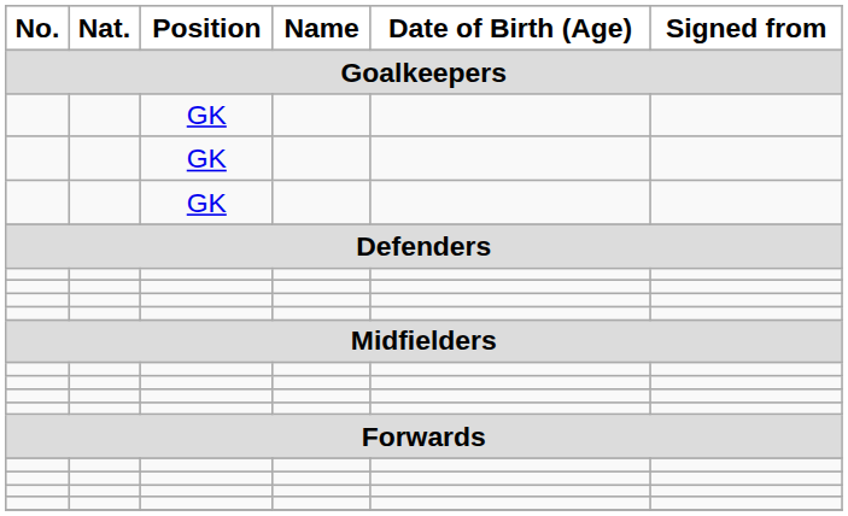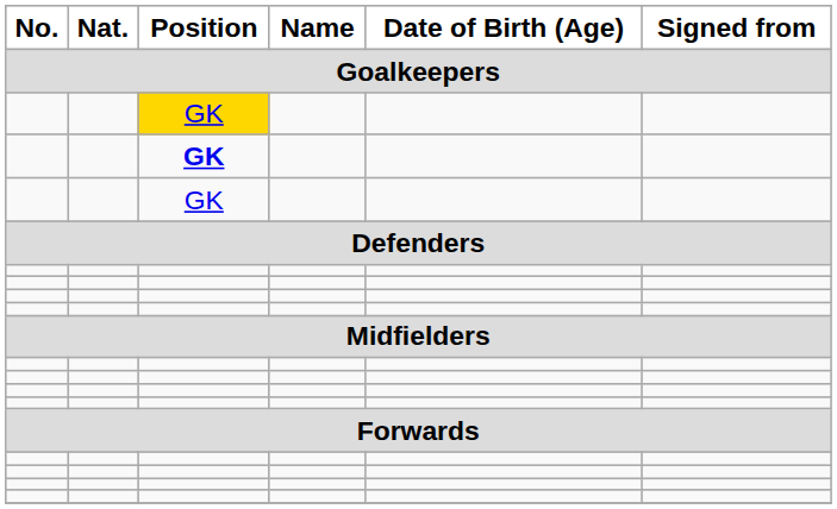 <table class="wikitable" style="text-align:center; font-size:90%; width:70%">
 <tr>
 <th style="background:white; color:black; text-align:center;">No.</th>
 <th style="background:white; color:black; text-align:center;">Nat.</th>
 <th style="background:white; color:black; text-align:center;">Position</th>
 <th style="background:white; color:black; text-align:center;">Name</th>
 <th style="background:white; color:black; text-align:center;">Date of Birth (Age)</th>
 <th style="background:white; color:black; text-align:center;">Signed from</th>
 </tr>
 <tr>
 <th colspan=10 style="background:#DCDCDC; text-align:center;">Goalkeepers</th>
 </tr>
 <tr>
 <td></td>
 <td></td>
-<td><a href='#'>GK</a></td>
+<td style="background: gold;"><a href='#'>GK</a></td>
 <td></td>
 <td></td>
 <td style="text-align:left"></td>
 </tr>
 <tr>
 <td></td>
 <td></td>
-<td><a href='#'>GK</a></td>
+<td><strong><a href='#'>GK</a></strong></td>
 <td></td>
 <td></td>
 <td style="text-align:left"></td>
 </tr>
 <tr>
 <td></td>
 <td></td>
 <td><a href='#'>GK</a></td>
 <td></td>
 <td></td>
 <td style="text-align:left"></td>
 </tr>
 <tr>
 <th colspan=10 style="background:#DCDCDC; text-align:center;">Defenders</th>
 </tr>
 <tr>
 <td></td>
 <td></td>
 <td></td>
 <td></td>
 <td></td>
 <td style="text-align:left"></td>
 </tr>
 <tr>
 <td></td>
 <td></td>
 <td></td>
 <td></td>
 <td></td>
 <td style="text-align:left"></td>
 </tr>
 <tr>
 <td></td>
 <td></td>
 <td></td>
 <td></td>
 <td></td>
 <td style="text-align:left"></td>
 </tr>
 <tr>
 <td></td>
 <td></td>
 <td></td>
 <td></td>
 <td></td>
 <td style="text-align:left"></td>
 </tr>
 <tr>
 <th colspan=10 style="background:#DCDCDC; text-align:center;">Midfielders</th>
 </tr>
 <tr>
 <td></td>
 <td></td>
 <td></td>
 <td></td>
 <td></td>
 <td style="text-align:left"></td>
 </tr>
 <tr>
 <td></td>
 <td></td>
 <td></td>
 <td></td>
 <td></td>
 <td style="text-align:left"></td>
 </tr>
 <tr>
 <td></td>
 <td></td>
 <td></td>
 <td></td>
 <td></td>
 <td style="text-align:left"></td>
 </tr>
 <tr>
 <td></td>
 <td></td>
 <td></td>
 <td></td>
 <td></td>
 <td style="text-align:left"></td>
 </tr>
 <tr>
 <th colspan=10 style="background:#DCDCDC; text-align:center;">Forwards</th>
 </tr>
 <tr>
 <td></td>
 <td></td>
 <td></td>
 <td></td>
 <td></td>
 <td style="text-align:left"></td>
 </tr>
 <tr>
 <td></td>
 <td></td>
 <td></td>
 <td></td>
 <td></td>
 <td style="text-align:left"></td>
 </tr>
 <tr>
 <td></td>
 <td></td>
 <td></td>
 <td></td>
 <td></td>
 <td style="text-align:left"></td>
 </tr>
 <tr>
 <td></td>
 <td></td>
 <td></td>
 <td></td>
 <td></td>
 <td style="text-align:left"></td>
 </tr>
 <tr>
 </tr>
 </table>
